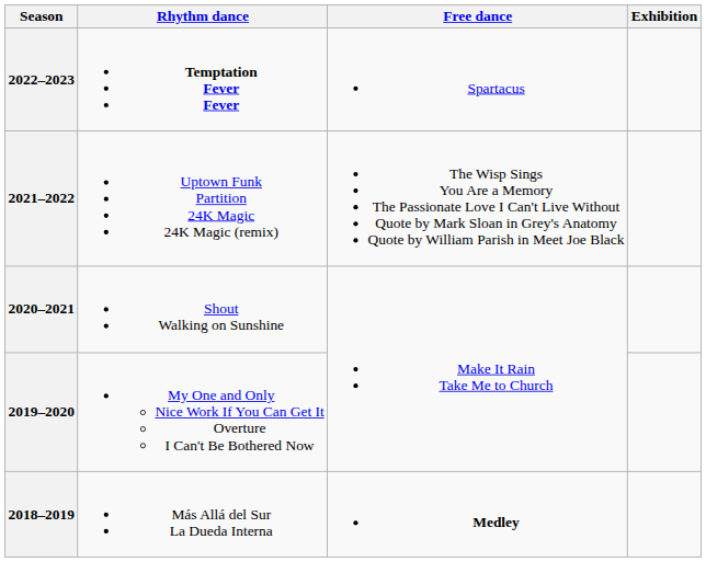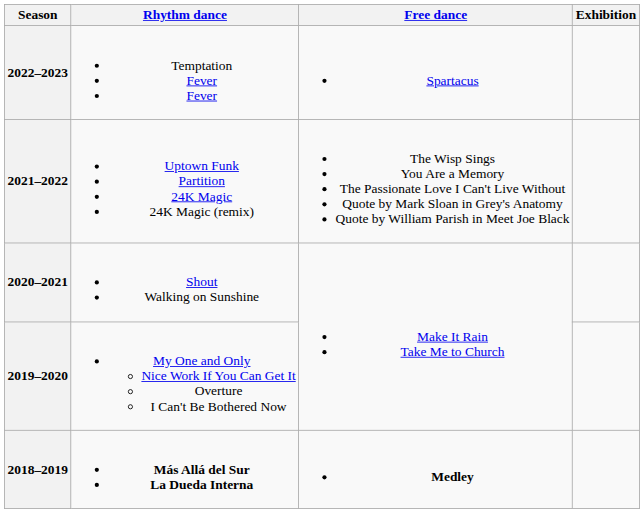 <table class=wikitable style=text-align:center>
 <tr>
 <th>Season</th>
 <th><a href='#'>Rhythm dance</a></th>
 <th><a href='#'>Free dance</a></th>
 <th>Exhibition</th>
 </tr>
 <tr>
 <th>2022–2023 <br> </th>
-<td><strong><br><ul><li> Temptation <br></li><li> <a href='#'>Fever</a></li><li> <a href='#'>Fever</a> <br></li></ul></strong></td>
+<td><br><ul><li> Temptation <br></li><li> <a href='#'>Fever</a></li><li> <a href='#'>Fever</a> <br></li></ul></td>
 <td><br><ul><li><a href='#'>Spartacus</a> <br></li></ul></td>
 <td></td>
 </tr>
 <tr>
 <th>2021–2022 <br> </th>
 <td><br><ul><li><a href='#'>Uptown Funk</a> <br></li><li><a href='#'>Partition</a> <br></li><li><a href='#'>24K Magic</a> <br></li><li>24K Magic (remix) <br></li></ul></td>
 <td><br><ul><li>The Wisp Sings <br></li><li>You Are a Memory <br></li><li>The Passionate Love I Can't Live Without <br></li><li>Quote by Mark Sloan in Grey's Anatomy <br></li><li>Quote by William Parish in Meet Joe Black <br></li></ul></td>
 <td></td>
 </tr>
 <tr>
 <th>2020–2021 <br> </th>
 <td><br><ul><li><a href='#'>Shout</a> <br></li><li>Walking on Sunshine <br></li></ul></td>
 <td rowspan=2><br><ul><li><a href='#'>Make It Rain</a> <br></li><li><a href='#'>Take Me to Church</a> <br></li></ul></td>
 <td></td>
 </tr>
 <tr>
 <th>2019–2020 <br> </th>
 <td><br><ul><li><a href='#'>My One and Only</a><ul><li><a href='#'>Nice Work If You Can Get It</a></li><li>Overture</li><li>I Can't Be Bothered Now <br></li></ul></li></ul></td>
 <td></td>
 </tr>
 <tr>
 <th>2018–2019 <br> </th>
-<td><br><ul><li>Más Allá del Sur</li><li>La Dueda Interna <br></li></ul></td>
+<td><strong><br><ul><li>Más Allá del Sur</li><li>La Dueda Interna <br></li></ul></strong></td>
 <td><strong><br><ul><li>Medley <br></li></ul></strong></td>
 <td></td>
 </tr>
 </table>
